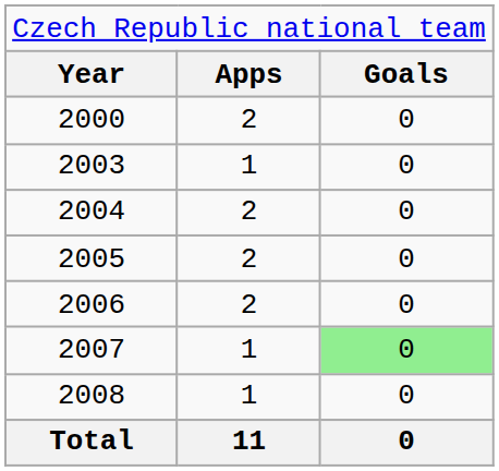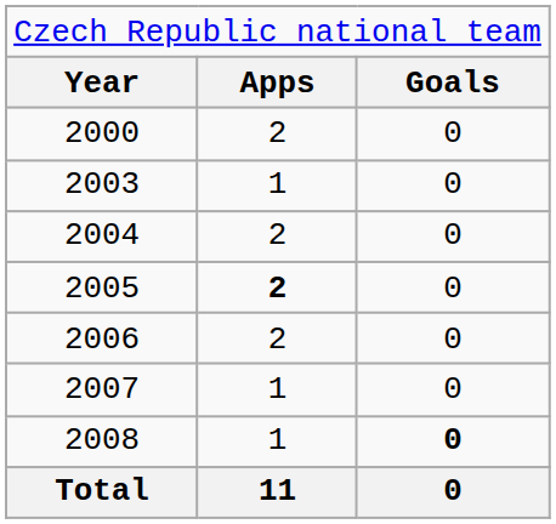 <table class="wikitable" style="text-align:center">
 <tr>
 <td colspan="3"><a href='#'>Czech Republic national team</a></td>
 </tr>
 <tr>
 <th>Year</th>
 <th>Apps</th>
 <th>Goals</th>
 </tr>
 <tr>
 <td>2000</td>
 <td>2</td>
 <td>0</td>
 </tr>
 <tr>
 <td>2003</td>
 <td>1</td>
 <td>0</td>
 </tr>
 <tr>
 <td>2004</td>
 <td>2</td>
 <td>0</td>
 </tr>
 <tr>
 <td>2005</td>
-<td>2</td>
+<td><strong>2</strong></td>
 <td>0</td>
 </tr>
 <tr>
 <td>2006</td>
 <td>2</td>
 <td>0</td>
 </tr>
 <tr>
 <td>2007</td>
 <td>1</td>
-<td style="background: lightgreen;">0</td>
+<td>0</td>
 </tr>
 <tr>
 <td>2008</td>
 <td>1</td>
-<td>0</td>
+<td><strong>0</strong></td>
 </tr>
 <tr>
 <th>Total</th>
 <th>11</th>
 <th>0</th>
 </tr>
 </table>
